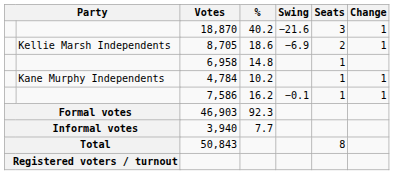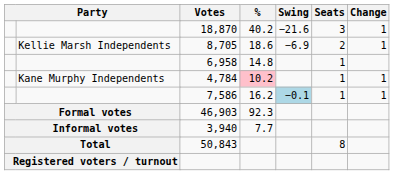 <table class="wikitable" style="text-align:right; margin-bottom:0">
 <tr>
 <th style="width:10px" colspan=3>Party</th>
 <th style="width:70px;">Votes</th>
 <th style="width:40px;">%</th>
 <th style="width:40px;">Swing</th>
 <th style="width:40px;">Seats</th>
 <th style="width:40px;">Change</th>
 </tr>
 <tr>
 <td> </td>
 <td style="text-align:left;" colspan="2"></td>
 <td>18,870</td>
 <td>40.2</td>
 <td>−21.6</td>
 <td>3</td>
 <td> 1</td>
 </tr>
 <tr>
 <td> </td>
 <td style="text-align:left;" colspan="2">Kellie Marsh Independents</td>
 <td>8,705</td>
 <td>18.6</td>
 <td>−6.9</td>
 <td>2</td>
 <td> 1</td>
 </tr>
 <tr>
 <td> </td>
 <td style="text-align:left;" colspan="2"></td>
 <td>6,958</td>
 <td>14.8</td>
 <td></td>
 <td>1</td>
 <td></td>
 </tr>
 <tr>
 <td> </td>
 <td style="text-align:left;" colspan="2">Kane Murphy Independents</td>
 <td>4,784</td>
-<td>10.2</td>
+<td style="background: pink;">10.2</td>
 <td></td>
 <td>1</td>
 <td> 1</td>
 </tr>
 <tr>
 <td> </td>
 <td style="text-align:left;" colspan="2"></td>
 <td>7,586</td>
 <td>16.2</td>
-<td>−0.1</td>
+<td style="background: lightblue;">−0.1</td>
 <td>1</td>
 <td> 1</td>
 </tr>
 <tr>
 <th colspan="3" rowspan="1"> Formal votes</th>
 <td>46,903</td>
 <td>92.3</td>
 <td></td>
 <td></td>
 <td></td>
 </tr>
 <tr>
 <th colspan="3" rowspan="1"> Informal votes</th>
 <td>3,940</td>
 <td>7.7</td>
 <td></td>
 <td></td>
 <td></td>
 </tr>
 <tr>
 <th colspan="3" rowspan="1"> <strong>Total </strong></th>
 <td>50,843</td>
 <td></td>
 <td></td>
 <td>8</td>
 <td></td>
 </tr>
 <tr>
 <th colspan="3" rowspan="1"> Registered voters / turnout</th>
 <td></td>
 <td></td>
 <td></td>
 <td></td>
 <td></td>
 </tr>
 </table>
